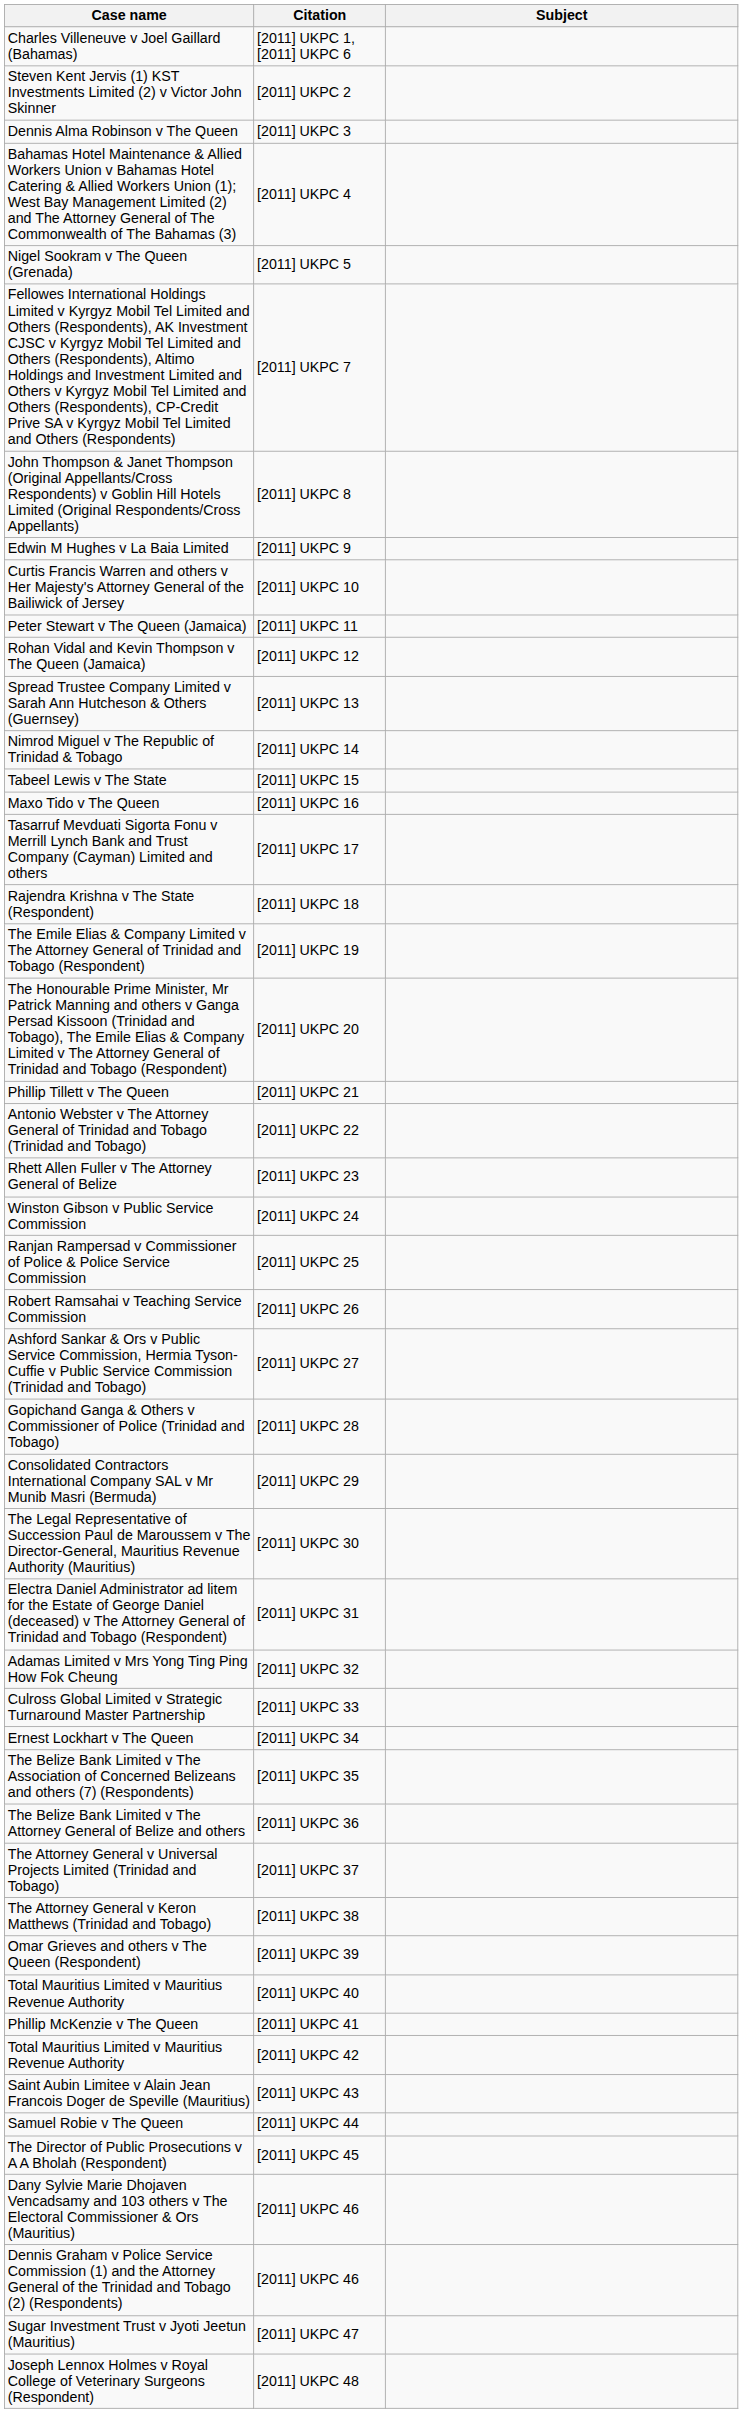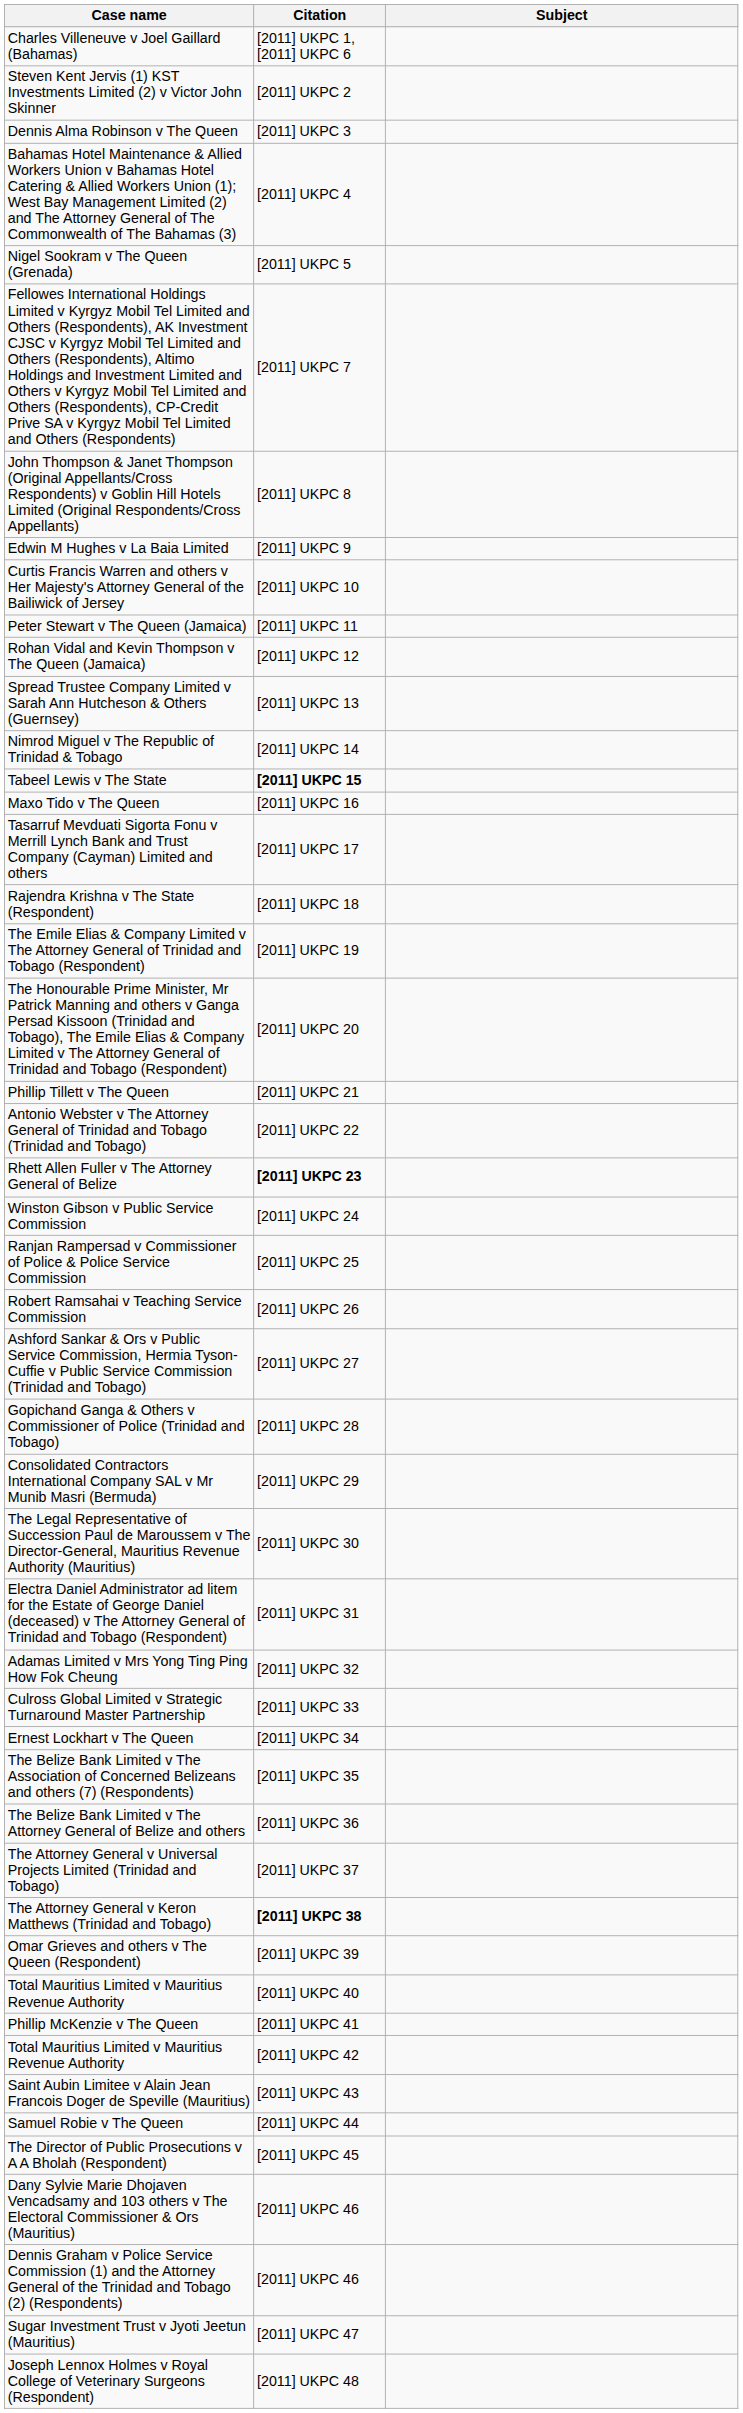 <table class="wikitable" width=825>
 <tr bgcolor="#CCCCCC">
 <th width=34%>Case name</th>
 <th width=18%>Citation</th>
 <th font=small>Subject</th>
 </tr>
 <tr>
 <td>Charles Villeneuve v Joel Gaillard (Bahamas)</td>
 <td>[2011] UKPC 1, [2011] UKPC 6</td>
 <td></td>
 </tr>
 <tr>
 <td>Steven Kent Jervis (1) KST Investments Limited (2) v Victor John Skinner</td>
 <td>[2011] UKPC 2</td>
 <td></td>
 </tr>
 <tr>
 <td>Dennis Alma Robinson v The Queen</td>
 <td>[2011] UKPC 3</td>
 <td></td>
 </tr>
 <tr>
 <td>Bahamas Hotel Maintenance & Allied Workers Union v Bahamas Hotel Catering & Allied Workers Union (1); West Bay Management Limited (2) and The Attorney General of The Commonwealth of The Bahamas (3)</td>
 <td>[2011] UKPC 4</td>
 <td></td>
 </tr>
 <tr>
 <td>Nigel Sookram v The Queen (Grenada)</td>
 <td>[2011] UKPC 5</td>
 <td></td>
 </tr>
 <tr>
 <td>Fellowes International Holdings Limited v Kyrgyz Mobil Tel Limited and Others (Respondents), AK Investment CJSC v Kyrgyz Mobil Tel Limited and Others (Respondents), Altimo Holdings and Investment Limited and Others v Kyrgyz Mobil Tel Limited and Others (Respondents), CP-Credit Prive SA v Kyrgyz Mobil Tel Limited and Others (Respondents)</td>
 <td>[2011] UKPC 7</td>
 <td></td>
 </tr>
 <tr>
 <td>John Thompson & Janet Thompson (Original Appellants/Cross Respondents) v Goblin Hill Hotels Limited (Original Respondents/Cross Appellants)</td>
 <td>[2011] UKPC 8</td>
 <td></td>
 </tr>
 <tr>
 <td>Edwin M Hughes v La Baia Limited</td>
 <td>[2011] UKPC 9</td>
 <td></td>
 </tr>
 <tr>
 <td>Curtis Francis Warren and others v Her Majesty's Attorney General of the Bailiwick of Jersey</td>
 <td>[2011] UKPC 10</td>
 <td></td>
 </tr>
 <tr>
 <td>Peter Stewart v The Queen (Jamaica)</td>
 <td>[2011] UKPC 11</td>
 <td></td>
 </tr>
 <tr>
 <td>Rohan Vidal and Kevin Thompson v The Queen (Jamaica)</td>
 <td>[2011] UKPC 12</td>
 <td></td>
 </tr>
 <tr>
 <td>Spread Trustee Company Limited v Sarah Ann Hutcheson & Others (Guernsey)</td>
 <td>[2011] UKPC 13</td>
 <td></td>
 </tr>
 <tr>
 <td>Nimrod Miguel v The Republic of Trinidad & Tobago</td>
 <td>[2011] UKPC 14</td>
 <td></td>
 </tr>
 <tr>
 <td>Tabeel Lewis v The State</td>
-<td>[2011] UKPC 15</td>
+<td><strong>[2011] UKPC 15</strong></td>
 <td></td>
 </tr>
 <tr>
 <td>Maxo Tido v The Queen</td>
 <td>[2011] UKPC 16</td>
 <td></td>
 </tr>
 <tr>
 <td>Tasarruf Mevduati Sigorta Fonu v Merrill Lynch Bank and Trust Company (Cayman) Limited and others</td>
 <td>[2011] UKPC 17</td>
 <td></td>
 </tr>
 <tr>
 <td>Rajendra Krishna v The State (Respondent)</td>
 <td>[2011] UKPC 18</td>
 <td></td>
 </tr>
 <tr>
 <td>The Emile Elias & Company Limited v The Attorney General of Trinidad and Tobago (Respondent)</td>
 <td>[2011] UKPC 19</td>
 <td></td>
 </tr>
 <tr>
 <td>The Honourable Prime Minister, Mr Patrick Manning and others v Ganga Persad Kissoon (Trinidad and Tobago), The Emile Elias & Company Limited v The Attorney General of Trinidad and Tobago (Respondent)</td>
 <td>[2011] UKPC 20</td>
 <td></td>
 </tr>
 <tr>
 <td>Phillip Tillett v The Queen</td>
 <td>[2011] UKPC 21</td>
 <td></td>
 </tr>
 <tr>
 <td>Antonio Webster v The Attorney General of Trinidad and Tobago (Trinidad and Tobago)</td>
 <td>[2011] UKPC 22</td>
 <td></td>
 </tr>
 <tr>
 <td>Rhett Allen Fuller v The Attorney General of Belize</td>
-<td>[2011] UKPC 23</td>
+<td><strong>[2011] UKPC 23</strong></td>
 <td></td>
 </tr>
 <tr>
 <td>Winston Gibson v Public Service Commission</td>
 <td>[2011] UKPC 24</td>
 <td></td>
 </tr>
 <tr>
 <td>Ranjan Rampersad v Commissioner of Police & Police Service Commission</td>
 <td>[2011] UKPC 25</td>
 <td></td>
 </tr>
 <tr>
 <td>Robert Ramsahai v Teaching Service Commission</td>
 <td>[2011] UKPC 26</td>
 <td></td>
 </tr>
 <tr>
 <td>Ashford Sankar & Ors v Public Service Commission, Hermia Tyson-Cuffie v Public Service Commission (Trinidad and Tobago)</td>
 <td>[2011] UKPC 27</td>
 <td></td>
 </tr>
 <tr>
 <td>Gopichand Ganga & Others v Commissioner of Police (Trinidad and Tobago)</td>
 <td>[2011] UKPC 28</td>
 <td></td>
 </tr>
 <tr>
 <td>Consolidated Contractors International Company SAL v Mr Munib Masri (Bermuda)</td>
 <td>[2011] UKPC 29</td>
 <td></td>
 </tr>
 <tr>
 <td>The Legal Representative of Succession Paul de Maroussem v The Director-General, Mauritius Revenue Authority (Mauritius)</td>
 <td>[2011] UKPC 30</td>
 <td></td>
 </tr>
 <tr>
 <td>Electra Daniel Administrator ad litem for the Estate of George Daniel (deceased) v The Attorney General of Trinidad and Tobago (Respondent)</td>
 <td>[2011] UKPC 31</td>
 <td></td>
 </tr>
 <tr>
 <td>Adamas Limited v Mrs Yong Ting Ping How Fok Cheung</td>
 <td>[2011] UKPC 32</td>
 <td></td>
 </tr>
 <tr>
 <td>Culross Global Limited v Strategic Turnaround Master Partnership</td>
 <td>[2011] UKPC 33</td>
 <td></td>
 </tr>
 <tr>
 <td>Ernest Lockhart v The Queen</td>
 <td>[2011] UKPC 34</td>
 <td></td>
 </tr>
 <tr>
 <td>The Belize Bank Limited v The Association of Concerned Belizeans and others (7) (Respondents)</td>
 <td>[2011] UKPC 35</td>
 <td></td>
 </tr>
 <tr>
 <td>The Belize Bank Limited v The Attorney General of Belize and others</td>
 <td>[2011] UKPC 36</td>
 <td></td>
 </tr>
 <tr>
 <td>The Attorney General v Universal Projects Limited (Trinidad and Tobago)</td>
 <td>[2011] UKPC 37</td>
 <td></td>
 </tr>
 <tr>
 <td>The Attorney General v Keron Matthews (Trinidad and Tobago)</td>
-<td>[2011] UKPC 38</td>
+<td><strong>[2011] UKPC 38</strong></td>
 <td></td>
 </tr>
 <tr>
 <td>Omar Grieves and others v The Queen (Respondent)</td>
 <td>[2011] UKPC 39</td>
 <td></td>
 </tr>
 <tr>
 <td>Total Mauritius Limited v Mauritius Revenue Authority</td>
 <td>[2011] UKPC 40</td>
 <td></td>
 </tr>
 <tr>
 <td>Phillip McKenzie v The Queen</td>
 <td>[2011] UKPC 41</td>
 <td></td>
 </tr>
 <tr>
 <td>Total Mauritius Limited v Mauritius Revenue Authority</td>
 <td>[2011] UKPC 42</td>
 <td></td>
 </tr>
 <tr>
 <td>Saint Aubin Limitee v Alain Jean Francois Doger de Speville (Mauritius)</td>
 <td>[2011] UKPC 43</td>
 <td></td>
 </tr>
 <tr>
 <td>Samuel Robie v The Queen</td>
 <td>[2011] UKPC 44</td>
 <td></td>
 </tr>
 <tr>
 <td>The Director of Public Prosecutions v A A Bholah (Respondent)</td>
 <td>[2011] UKPC 45</td>
 <td></td>
 </tr>
 <tr>
 <td>Dany Sylvie Marie Dhojaven Vencadsamy and 103 others v The Electoral Commissioner & Ors (Mauritius)</td>
 <td>[2011] UKPC 46</td>
 <td></td>
 </tr>
 <tr>
 <td>Dennis Graham v Police Service Commission (1) and the Attorney General of the Trinidad and Tobago (2) (Respondents)</td>
 <td>[2011] UKPC 46</td>
 <td></td>
 </tr>
 <tr>
 <td>Sugar Investment Trust v Jyoti Jeetun (Mauritius)</td>
 <td>[2011] UKPC 47</td>
 <td></td>
 </tr>
 <tr>
 <td>Joseph Lennox Holmes v Royal College of Veterinary Surgeons (Respondent)</td>
 <td>[2011] UKPC 48</td>
 <td></td>
 </tr>
 </table>
